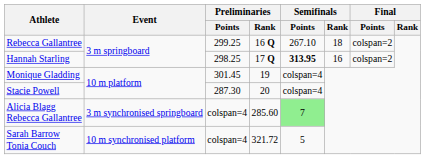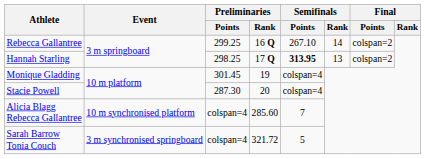 <table class="wikitable" style="text-align:center; font-size:90%;">
 <tr>
 <th rowspan=2>Athlete</th>
 <th rowspan=2>Event</th>
 <th colspan=2>Preliminaries</th>
 <th colspan=2>Semifinals</th>
 <th colspan=2>Final</th>
 </tr>
 <tr style="font-size:95%">
 <th>Points</th>
 <th>Rank</th>
 <th>Points</th>
 <th>Rank</th>
 <th>Points</th>
 <th>Rank</th>
 </tr>
 <tr>
 <td style="text-align:left;"><a href='#'>Rebecca Gallantree</a></td>
 <td style="text-align:left;" rowspan="2"><a href='#'>3 m springboard</a></td>
 <td>299.25</td>
 <td>16 <strong>Q</strong></td>
 <td>267.10</td>
-<td>18</td>
+<td>14</td>
 <td>colspan=2 </td>
 </tr>
 <tr>
 <td style="text-align:left;"><a href='#'>Hannah Starling</a></td>
 <td>298.25</td>
 <td>17 <strong>Q</strong></td>
 <td><strong>313.95</strong></td>
-<td>16</td>
+<td>13</td>
 <td>colspan=2 </td>
 </tr>
 <tr>
 <td style="text-align:left;"><a href='#'>Monique Gladding</a></td>
 <td style="text-align:left;" rowspan="2"><a href='#'>10 m platform</a></td>
 <td>301.45</td>
 <td>19</td>
 <td>colspan=4 </td>
 </tr>
 <tr>
 <td style="text-align:left;"><a href='#'>Stacie Powell</a></td>
 <td>287.30</td>
 <td>20</td>
 <td>colspan=4 </td>
 </tr>
 <tr>
 <td style="text-align:left;"><a href='#'>Alicia Blagg</a><br><a href='#'>Rebecca Gallantree</a></td>
-<td style="text-align:left;"><a href='#'>3 m synchronised springboard</a></td>
+<td style="text-align:left;"><a href='#'>10 m synchronised platform</a></td>
 <td>colspan=4 </td>
 <td>285.60</td>
-<td style="background: lightgreen;">7</td>
+<td>7</td>
 </tr>
 <tr>
 <td style="text-align:left;"><a href='#'>Sarah Barrow</a><br><a href='#'>Tonia Couch</a></td>
-<td style="text-align:left;"><a href='#'>10 m synchronised platform</a></td>
+<td style="text-align:left;"><a href='#'>3 m synchronised springboard</a></td>
 <td>colspan=4 </td>
 <td>321.72</td>
 <td>5</td>
 </tr>
 </table>
